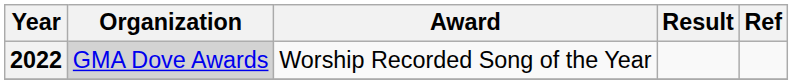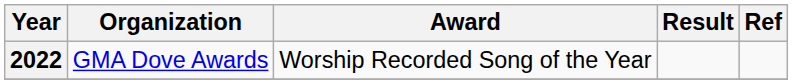 <table class="wikitable plainrowheaders">
 <tr>
 <th>Year</th>
 <th>Organization</th>
 <th>Award</th>
 <th>Result</th>
 <th>Ref</th>
 </tr>
 <tr>
 <th scope="row">2022</th>
-<td style="background: lightgrey;"><a href='#'>GMA Dove Awards</a></td>
+<td><a href='#'>GMA Dove Awards</a></td>
 <td>Worship Recorded Song of the Year</td>
 <td></td>
 <td></td>
 </tr>
 <tr>
 </tr>
 </table>
